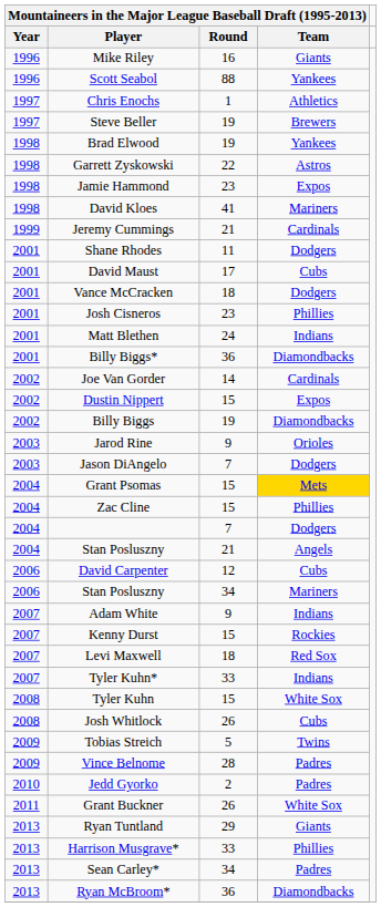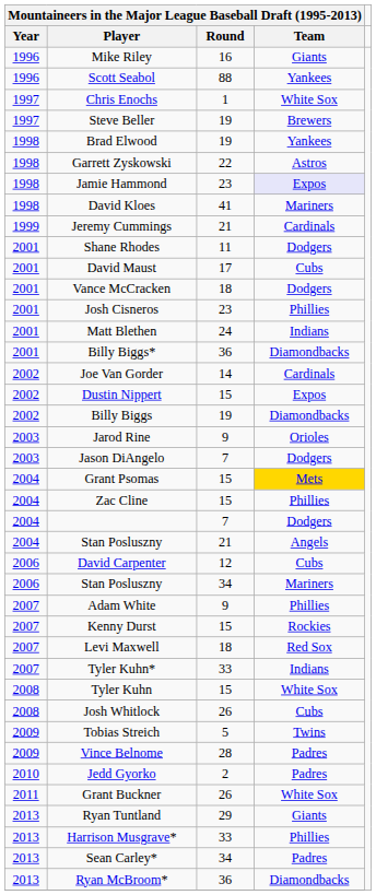 <table class="wikitable sortable collapsible collapsed" style="text-align:center">
 <tr>
 <th colspan=4>Mountaineers  in the Major League Baseball Draft (1995-2013)</th>
 </tr>
 <tr>
 <th>Year</th>
 <th>Player</th>
 <th>Round</th>
 <th>Team</th>
 <td></td>
 </tr>
 <tr>
 <td><a href='#'>1996</a></td>
 <td>Mike Riley</td>
 <td>16</td>
 <td><a href='#'>Giants</a></td>
 </tr>
 <tr>
 <td><a href='#'>1996</a></td>
 <td><a href='#'>Scott Seabol</a></td>
 <td>88</td>
 <td><a href='#'>Yankees</a></td>
 </tr>
 <tr>
 <td><a href='#'>1997</a></td>
 <td><a href='#'>Chris Enochs</a></td>
 <td>1</td>
-<td><a href='#'>Athletics</a></td>
+<td><a href='#'>White Sox</a></td>
 </tr>
 <tr>
 <td><a href='#'>1997</a></td>
 <td>Steve Beller</td>
 <td>19</td>
 <td><a href='#'>Brewers</a></td>
 </tr>
 <tr>
 <td><a href='#'>1998</a></td>
 <td>Brad Elwood</td>
 <td>19</td>
 <td><a href='#'>Yankees</a></td>
 </tr>
 <tr>
 <td><a href='#'>1998</a></td>
 <td>Garrett Zyskowski</td>
 <td>22</td>
 <td><a href='#'>Astros</a></td>
 </tr>
 <tr>
 <td><a href='#'>1998</a></td>
 <td>Jamie Hammond</td>
 <td>23</td>
-<td><a href='#'>Expos</a></td>
+<td style="background: lavender;"><a href='#'>Expos</a></td>
 </tr>
 <tr>
 <td><a href='#'>1998</a></td>
 <td>David Kloes</td>
 <td>41</td>
 <td><a href='#'>Mariners</a></td>
 </tr>
 <tr>
 <td><a href='#'>1999</a></td>
 <td>Jeremy Cummings</td>
 <td>21</td>
 <td><a href='#'>Cardinals</a></td>
 </tr>
 <tr>
 <td><a href='#'>2001</a></td>
 <td>Shane Rhodes</td>
 <td>11</td>
 <td><a href='#'>Dodgers</a></td>
 </tr>
 <tr>
 <td><a href='#'>2001</a></td>
 <td>David Maust</td>
 <td>17</td>
 <td><a href='#'>Cubs</a></td>
 </tr>
 <tr>
 <td><a href='#'>2001</a></td>
 <td>Vance McCracken</td>
 <td>18</td>
 <td><a href='#'>Dodgers</a></td>
 </tr>
 <tr>
 <td><a href='#'>2001</a></td>
 <td>Josh Cisneros</td>
 <td>23</td>
 <td><a href='#'>Phillies</a></td>
 </tr>
 <tr>
 <td><a href='#'>2001</a></td>
 <td>Matt Blethen</td>
 <td>24</td>
 <td><a href='#'>Indians</a></td>
 </tr>
 <tr>
 <td><a href='#'>2001</a></td>
 <td>Billy Biggs*</td>
 <td>36</td>
 <td><a href='#'>Diamondbacks</a></td>
 </tr>
 <tr>
 <td><a href='#'>2002</a></td>
 <td>Joe Van Gorder</td>
 <td>14</td>
 <td><a href='#'>Cardinals</a></td>
 </tr>
 <tr>
 <td><a href='#'>2002</a></td>
 <td><a href='#'>Dustin Nippert</a></td>
 <td>15</td>
 <td><a href='#'>Expos</a></td>
 </tr>
 <tr>
 <td><a href='#'>2002</a></td>
 <td>Billy Biggs</td>
 <td>19</td>
 <td><a href='#'>Diamondbacks</a></td>
 </tr>
 <tr>
 <td><a href='#'>2003</a></td>
 <td>Jarod Rine</td>
 <td>9</td>
 <td><a href='#'>Orioles</a></td>
 </tr>
 <tr>
 <td><a href='#'>2003</a></td>
 <td>Jason DiAngelo</td>
 <td>7</td>
 <td><a href='#'>Dodgers</a></td>
 </tr>
 <tr>
 <td><a href='#'>2004</a></td>
 <td>Grant Psomas</td>
 <td>15</td>
 <td style="background: gold;"><a href='#'>Mets</a></td>
 </tr>
 <tr>
 <td><a href='#'>2004</a></td>
 <td>Zac Cline</td>
 <td>15</td>
 <td><a href='#'>Phillies</a></td>
 </tr>
 <tr>
 <td><a href='#'>2004</a></td>
 <td></td>
 <td>7</td>
 <td><a href='#'>Dodgers</a></td>
 </tr>
 <tr>
 <td><a href='#'>2004</a></td>
 <td>Stan Posluszny</td>
 <td>21</td>
 <td><a href='#'>Angels</a></td>
 </tr>
 <tr>
 <td><a href='#'>2006</a></td>
 <td><a href='#'>David Carpenter</a></td>
 <td>12</td>
 <td><a href='#'>Cubs</a></td>
 </tr>
 <tr>
 <td><a href='#'>2006</a></td>
 <td>Stan Posluszny</td>
 <td>34</td>
 <td><a href='#'>Mariners</a></td>
 </tr>
 <tr>
 <td><a href='#'>2007</a></td>
 <td>Adam White</td>
 <td>9</td>
-<td><a href='#'>Indians</a></td>
+<td><a href='#'>Phillies</a></td>
 </tr>
 <tr>
 <td><a href='#'>2007</a></td>
 <td>Kenny Durst</td>
 <td>15</td>
 <td><a href='#'>Rockies</a></td>
 </tr>
 <tr>
 <td><a href='#'>2007</a></td>
 <td>Levi Maxwell</td>
 <td>18</td>
 <td><a href='#'>Red Sox</a></td>
 </tr>
 <tr>
 <td><a href='#'>2007</a></td>
 <td>Tyler Kuhn*</td>
 <td>33</td>
 <td><a href='#'>Indians</a></td>
 </tr>
 <tr>
 <td><a href='#'>2008</a></td>
 <td>Tyler Kuhn</td>
 <td>15</td>
 <td><a href='#'>White Sox</a></td>
 </tr>
 <tr>
 <td><a href='#'>2008</a></td>
 <td>Josh Whitlock</td>
 <td>26</td>
 <td><a href='#'>Cubs</a></td>
 </tr>
 <tr>
 <td><a href='#'>2009</a></td>
 <td>Tobias Streich</td>
 <td>5</td>
 <td><a href='#'>Twins</a></td>
 </tr>
 <tr>
 <td><a href='#'>2009</a></td>
 <td><a href='#'>Vince Belnome</a></td>
 <td>28</td>
 <td><a href='#'>Padres</a></td>
 </tr>
 <tr>
 <td><a href='#'>2010</a></td>
 <td><a href='#'>Jedd Gyorko</a></td>
 <td>2</td>
 <td><a href='#'>Padres</a></td>
 </tr>
 <tr>
 <td><a href='#'>2011</a></td>
 <td>Grant Buckner</td>
 <td>26</td>
 <td><a href='#'>White Sox</a></td>
 </tr>
 <tr>
 <td><a href='#'>2013</a></td>
 <td>Ryan Tuntland</td>
 <td>29</td>
 <td><a href='#'>Giants</a></td>
 </tr>
 <tr>
 <td><a href='#'>2013</a></td>
 <td><a href='#'>Harrison Musgrave</a>*</td>
 <td>33</td>
 <td><a href='#'>Phillies</a></td>
 </tr>
 <tr>
 <td><a href='#'>2013</a></td>
 <td>Sean Carley*</td>
 <td>34</td>
 <td><a href='#'>Padres</a></td>
 </tr>
 <tr>
 <td><a href='#'>2013</a></td>
 <td><a href='#'>Ryan McBroom</a>*</td>
 <td>36</td>
 <td><a href='#'>Diamondbacks</a></td>
 </tr>
 <tr>
 </tr>
 </table>
